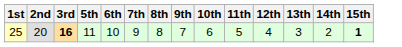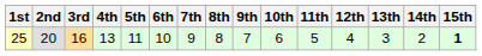 <table class="wikitable" style="font-size:85%; text-align:center;">
 <tr>
 <th>1st</th>
 <th>2nd</th>
 <th>3rd</th>
+<th>4th</th>
 <th>5th</th>
 <th>6th</th>
 <th>7th</th>
 <th>8th</th>
 <th>9th</th>
 <th>10th</th>
 <th>11th</th>
 <th>12th</th>
 <th>13th</th>
 <th>14th</th>
 <th>15th</th>
 </tr>
 <tr>
 <td style="background:#ffffbf;">25</td>
 <td style="background:#dfdfdf;">20</td>
-<td style="background:#ffdf9f;"><strong>16</strong></td>
+<td style="background:#ffdf9f;">16</td>
+<td style="background:#dfffdf;">13</td>
 <td style="background:#dfffdf;">11</td>
 <td style="background:#dfffdf;">10</td>
 <td style="background:#dfffdf;">9</td>
 <td style="background:#dfffdf;">8</td>
 <td style="background:#dfffdf;">7</td>
 <td style="background:#dfffdf;">6</td>
 <td style="background:#dfffdf;">5</td>
 <td style="background:#dfffdf;">4</td>
 <td style="background:#dfffdf;">3</td>
 <td style="background:#dfffdf;">2</td>
 <td style="background:#dfffdf;"><strong>1</strong></td>
 </tr>
 </table>
